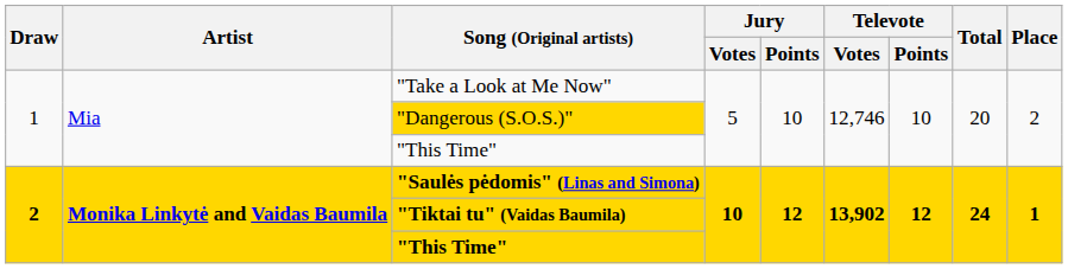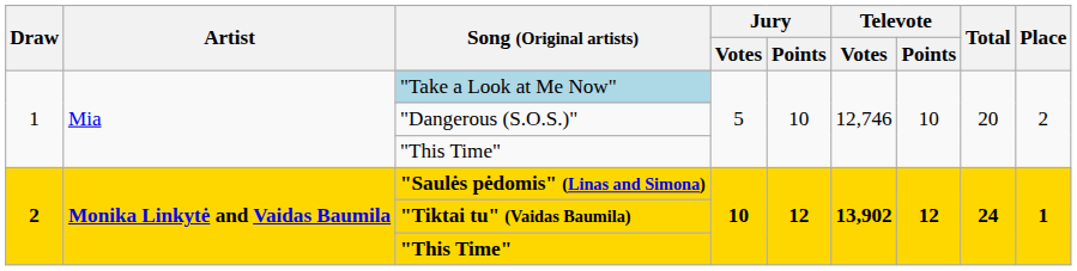 <table class="sortable wikitable" style="margin: 1em auto 1em auto; text-align:center;">
 <tr>
 <th rowspan="2">Draw</th>
 <th rowspan="2">Artist</th>
 <th rowspan="2">Song <small>(Original artists)</small></th>
 <th colspan="2">Jury</th>
 <th colspan="2">Televote</th>
 <th rowspan="2">Total</th>
 <th rowspan="2">Place</th>
 </tr>
 <tr>
 <th>Votes</th>
 <th>Points</th>
 <th>Votes</th>
 <th>Points</th>
 </tr>
 <tr>
 <td rowspan="3">1</td>
 <td rowspan="3" align="left"><a href='#'>Mia</a></td>
-<td align="left">"Take a Look at Me Now"</td>
+<td align="left" style="background: lightblue;">"Take a Look at Me Now"</td>
 <td rowspan="3">5</td>
 <td rowspan="3">10</td>
 <td rowspan="3">12,746</td>
 <td rowspan="3">10</td>
 <td rowspan="3">20</td>
 <td rowspan="3">2</td>
 </tr>
 <tr>
-<td align="left" style="background: gold;">"Dangerous (S.O.S.)"</td>
+<td align="left">"Dangerous (S.O.S.)"</td>
 </tr>
 <tr>
 <td align="left">"This Time"</td>
 </tr>
 <tr style="font-weight:bold; background:gold;">
 <td rowspan="3">2</td>
 <td rowspan="3" align="left"><a href='#'>Monika Linkytė</a> and <a href='#'>Vaidas Baumila</a></td>
 <td align="left">"Saulės pėdomis" <small>(<a href='#'>Linas and Simona</a>)</small></td>
 <td rowspan="3">10</td>
 <td rowspan="3">12</td>
 <td rowspan="3"><strong>13,902</strong></td>
 <td rowspan="3">12</td>
 <td rowspan="3">24</td>
 <td rowspan="3">1</td>
 </tr>
 <tr style="font-weight:bold; background:gold;">
 <td align="left">"Tiktai tu" <small>(Vaidas Baumila)</small></td>
 </tr>
 <tr style="font-weight:bold; background:gold;">
 <td align="left">"This Time"</td>
 </tr>
 </table>
